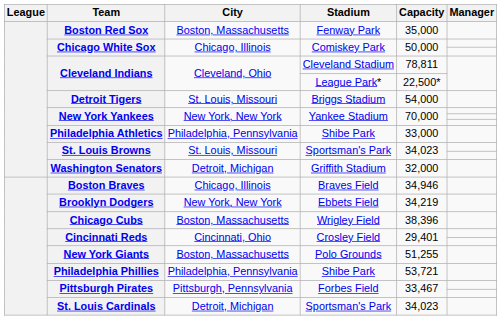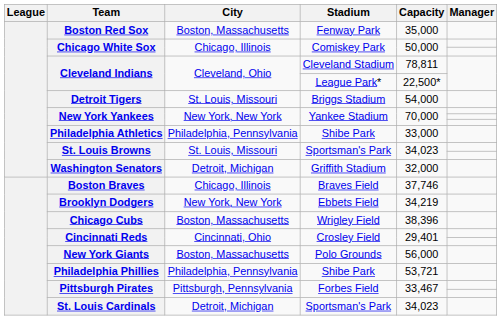 <table class="wikitable sortable plainrowheaders" style="text-align:center;">
 <tr>
 <th scope="col">League</th>
 <th scope="col">Team</th>
 <th scope="col">City</th>
 <th scope="col">Stadium</th>
 <th scope="col">Capacity</th>
 <th scope="col">Manager</th>
 </tr>
 <tr>
 <th rowspan="13"></th>
 <th scope="row"><a href='#'>Boston Red Sox</a></th>
 <td><a href='#'>Boston, Massachusetts</a></td>
 <td><a href='#'>Fenway Park</a></td>
 <td>35,000</td>
 <td></td>
 </tr>
 <tr>
 <th rowspan="2" scope="row"><a href='#'>Chicago White Sox</a></th>
 <td rowspan="2"><a href='#'>Chicago, Illinois</a></td>
 <td rowspan="2"><a href='#'>Comiskey Park</a></td>
 <td rowspan="2">50,000</td>
 <td></td>
 </tr>
 <tr>
 <td></td>
 </tr>
 <tr>
 <th rowspan="2" scope="row"><a href='#'>Cleveland Indians</a></th>
 <td rowspan="2"><a href='#'>Cleveland, Ohio</a></td>
 <td><a href='#'>Cleveland Stadium</a></td>
 <td>78,811</td>
 <td rowspan="2"></td>
 </tr>
 <tr>
 <td><a href='#'>League Park</a>*</td>
 <td>22,500*</td>
 </tr>
 <tr>
 <th scope="row"><a href='#'>Detroit Tigers</a></th>
 <td><a href='#'>St. Louis, Missouri</a></td>
 <td><a href='#'>Briggs Stadium</a></td>
 <td>54,000</td>
 <td></td>
 </tr>
 <tr>
 <th rowspan="3" scope="row"><a href='#'>New York Yankees</a></th>
 <td rowspan="3"><a href='#'>New York, New York</a></td>
 <td rowspan="3"><a href='#'>Yankee Stadium</a></td>
 <td rowspan="3">70,000</td>
 <td></td>
 </tr>
 <tr>
 <td></td>
 </tr>
 <tr>
 <td></td>
 </tr>
 <tr>
 <th scope="row"><a href='#'>Philadelphia Athletics</a></th>
 <td><a href='#'>Philadelphia, Pennsylvania</a></td>
 <td><a href='#'>Shibe Park</a></td>
 <td>33,000</td>
 <td></td>
 </tr>
 <tr>
 <th rowspan="2" scope="row"><a href='#'>St. Louis Browns</a></th>
 <td rowspan="2"><a href='#'>St. Louis, Missouri</a></td>
 <td rowspan="2"><a href='#'>Sportsman's Park</a></td>
 <td rowspan="2">34,023</td>
 <td></td>
 </tr>
 <tr>
 <td></td>
 </tr>
 <tr>
 <th scope="row"><a href='#'>Washington Senators</a></th>
 <td><a href='#'>Detroit, Michigan</a></td>
 <td><a href='#'>Griffith Stadium</a></td>
 <td>32,000</td>
 <td></td>
 </tr>
 <tr>
 <th rowspan="10"></th>
 <th scope="row"><a href='#'>Boston Braves</a></th>
 <td><a href='#'>Chicago, Illinois</a></td>
 <td><a href='#'>Braves Field</a></td>
-<td>34,946</td>
+<td>37,746</td>
 <td></td>
 </tr>
 <tr>
 <th scope="row"><a href='#'>Brooklyn Dodgers</a></th>
 <td><a href='#'>New York, New York</a></td>
 <td><a href='#'>Ebbets Field</a></td>
 <td>34,219</td>
 <td></td>
 </tr>
 <tr>
 <th scope="row"><a href='#'>Chicago Cubs</a></th>
 <td><a href='#'>Boston, Massachusetts</a></td>
 <td><a href='#'>Wrigley Field</a></td>
 <td>38,396</td>
 <td></td>
 </tr>
 <tr>
 <th rowspan="2" scope="row"><a href='#'>Cincinnati Reds</a></th>
 <td rowspan="2"><a href='#'>Cincinnati, Ohio</a></td>
 <td rowspan="2"><a href='#'>Crosley Field</a></td>
 <td rowspan="2">29,401</td>
 <td></td>
 </tr>
 <tr>
 <td></td>
 </tr>
 <tr>
 <th scope="row"><a href='#'>New York Giants</a></th>
 <td><a href='#'>Boston, Massachusetts</a></td>
 <td><a href='#'>Polo Grounds</a></td>
-<td>51,255</td>
+<td>56,000</td>
 <td></td>
 </tr>
 <tr>
 <th scope="row"><a href='#'>Philadelphia Phillies</a></th>
 <td><a href='#'>Philadelphia, Pennsylvania</a></td>
 <td><a href='#'>Shibe Park</a></td>
 <td>53,721</td>
 <td></td>
 </tr>
 <tr>
 <th rowspan="2" scope="row"><a href='#'>Pittsburgh Pirates</a></th>
 <td rowspan="2"><a href='#'>Pittsburgh, Pennsylvania</a></td>
 <td rowspan="2"><a href='#'>Forbes Field</a></td>
 <td rowspan="2">33,467</td>
 <td></td>
 </tr>
 <tr>
 <td></td>
 </tr>
 <tr>
 <th scope="row"><a href='#'>St. Louis Cardinals</a></th>
 <td><a href='#'>Detroit, Michigan</a></td>
 <td><a href='#'>Sportsman's Park</a></td>
 <td>34,023</td>
 <td></td>
 </tr>
 </table>
